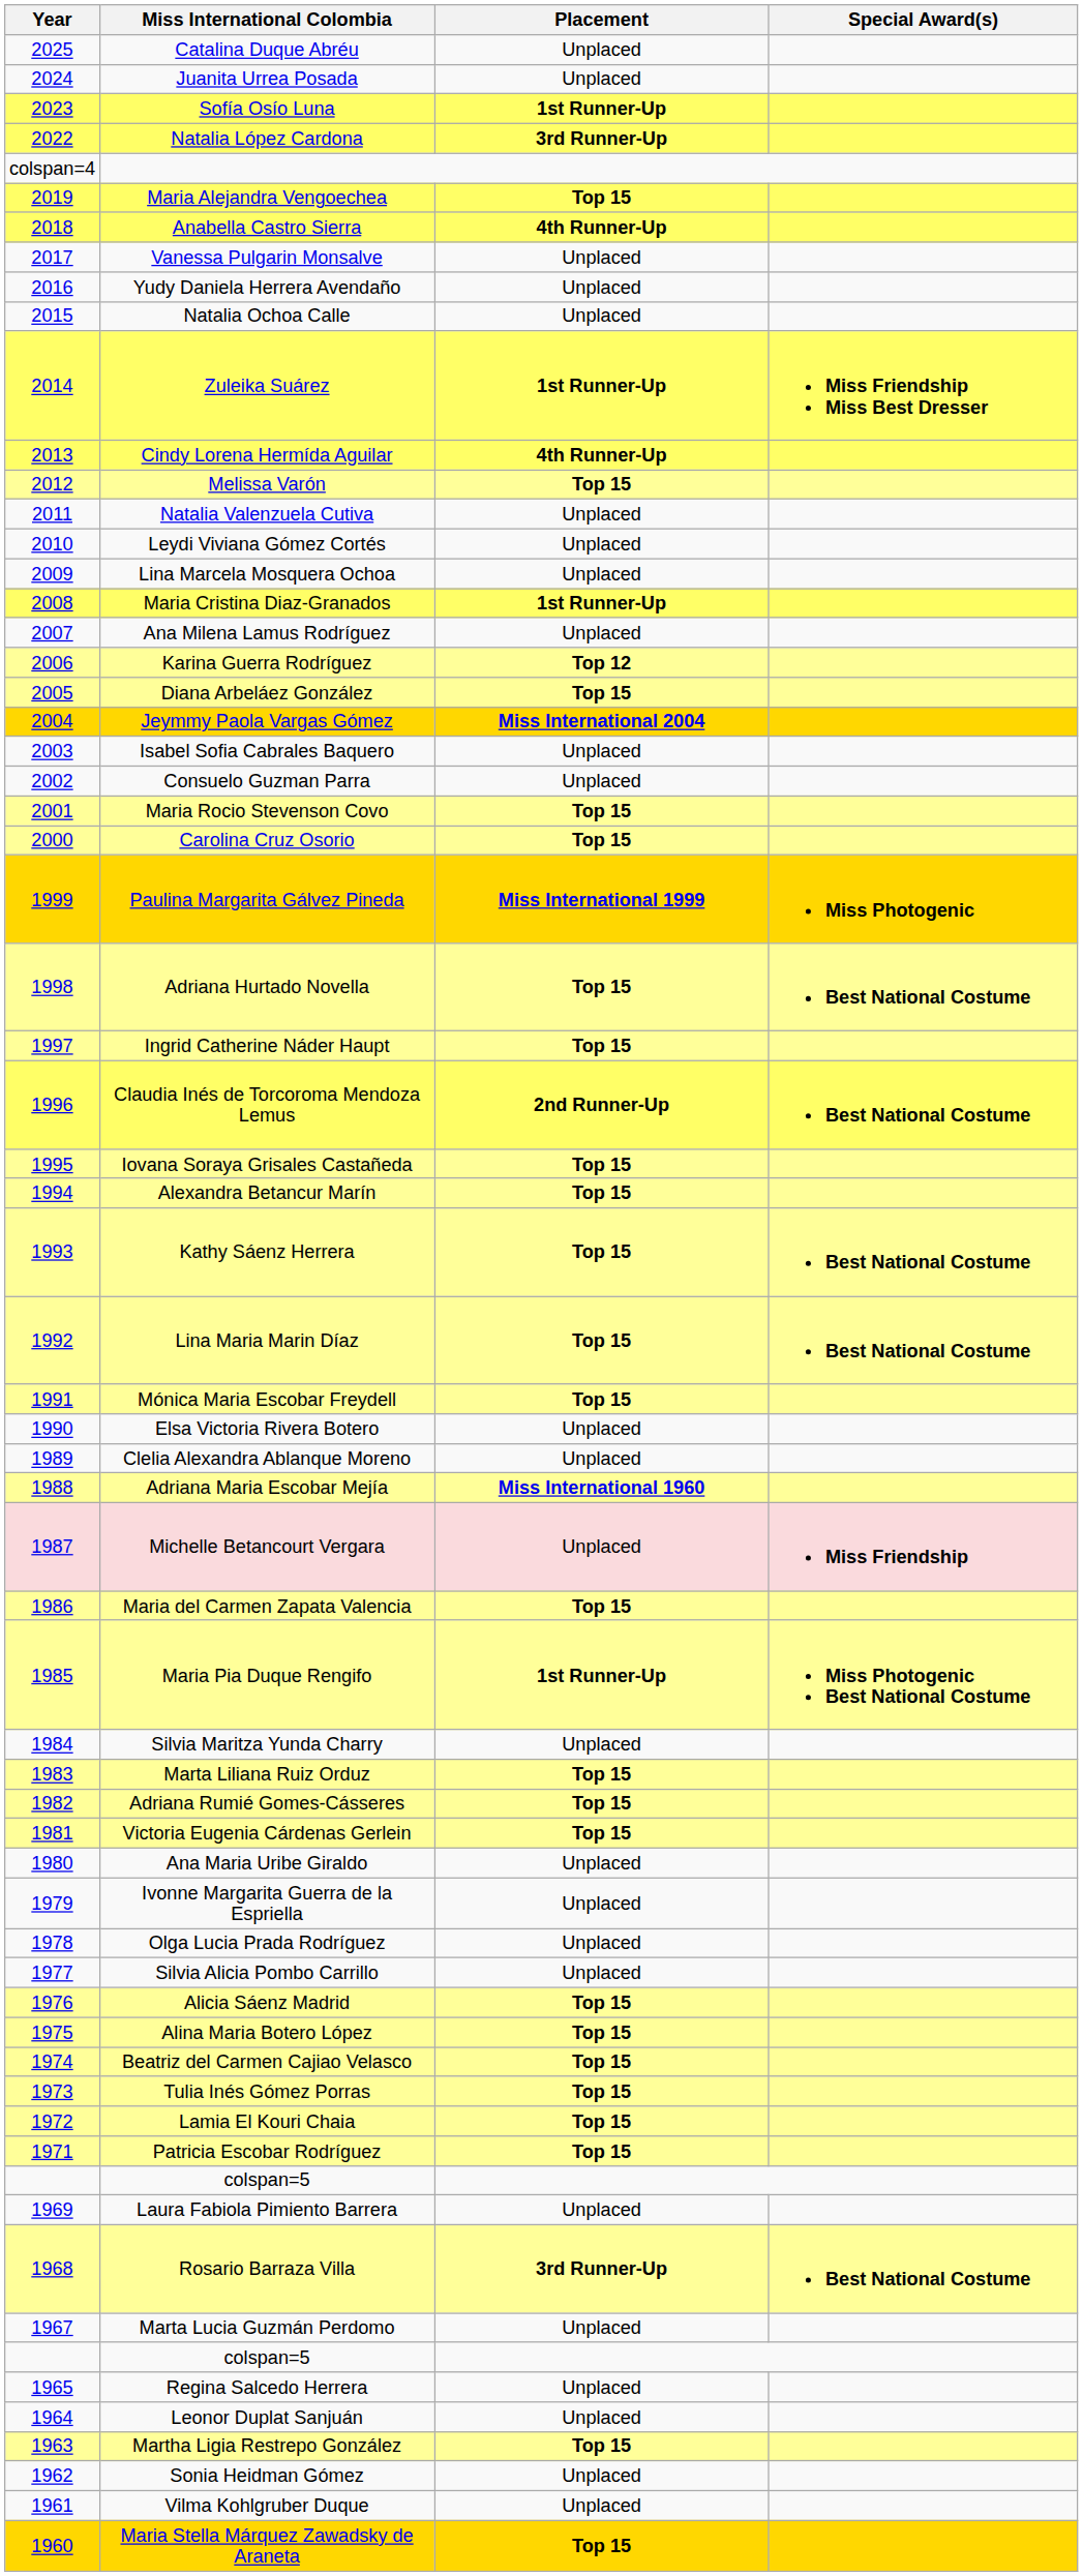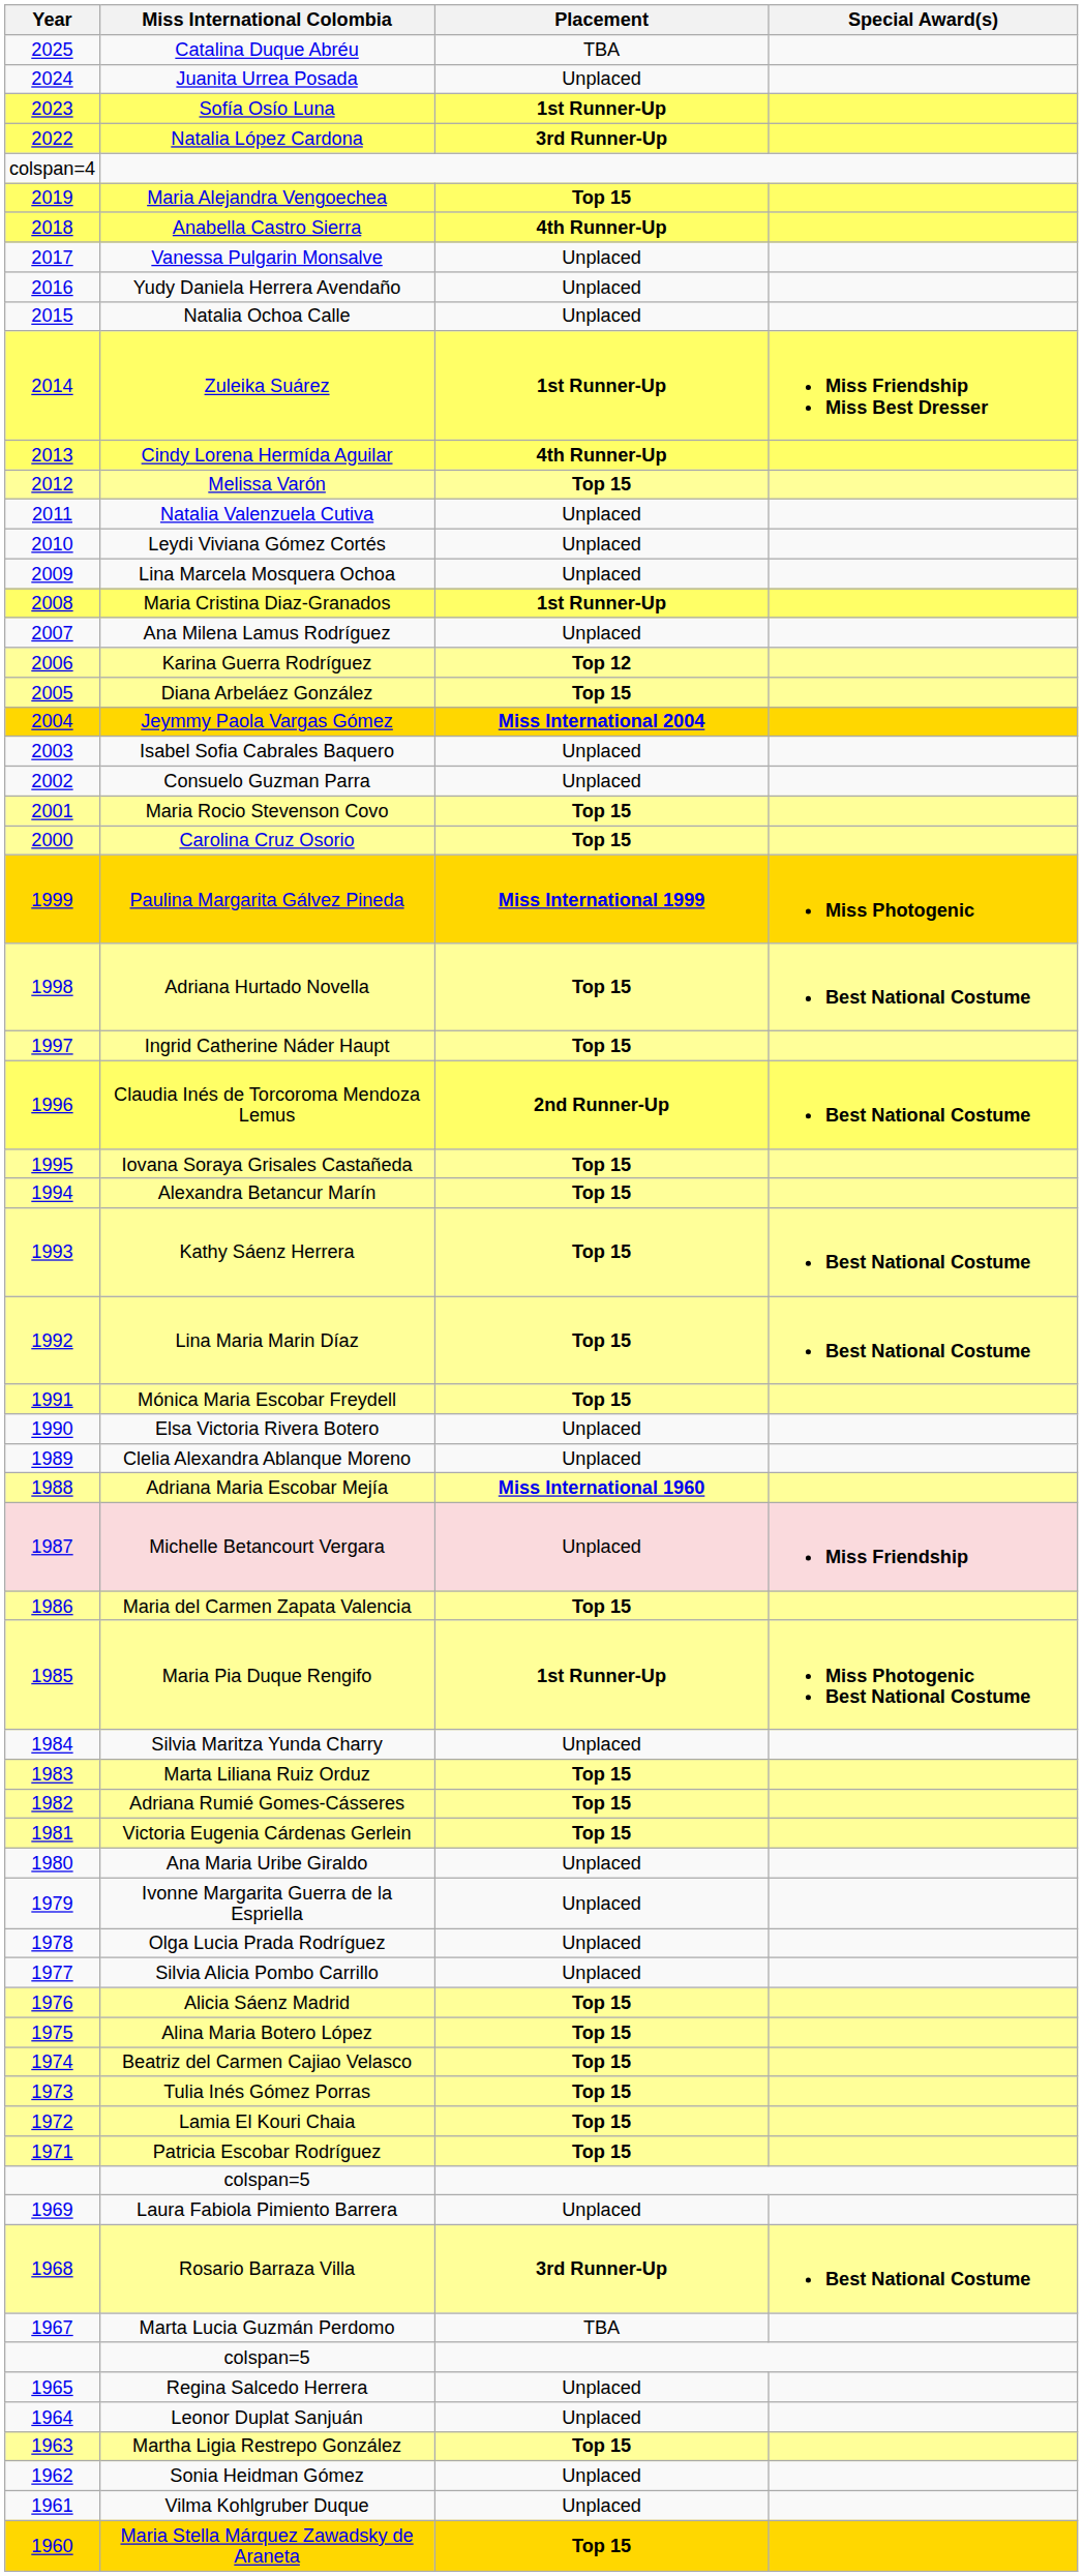 <table class="wikitable" style="font-size: 90%; text-align:center">
 <tr>
 <th width="60">Year</th>
 <th width="250">Miss International Colombia</th>
 <th width="250">Placement</th>
 <th width="230">Special Award(s)</th>
 </tr>
 <tr>
 <td><a href='#'>2025</a></td>
 <td><a href='#'>Catalina Duque Abréu</a></td>
-<td>Unplaced</td>
+<td>TBA</td>
 <td></td>
 </tr>
 <tr>
 <td><a href='#'>2024</a></td>
 <td><a href='#'>Juanita Urrea Posada</a></td>
 <td>Unplaced</td>
 <td></td>
 </tr>
 <tr style="background-color:#FFFF66">
 <td><a href='#'>2023</a></td>
 <td><a href='#'>Sofía Osío Luna</a></td>
 <td><strong>1st Runner-Up</strong></td>
 <td></td>
 </tr>
 <tr style="background-color:#FFFF66">
 <td><a href='#'>2022</a></td>
 <td><a href='#'>Natalia López Cardona</a></td>
 <td><strong>3rd Runner-Up</strong></td>
 <td></td>
 </tr>
 <tr>
 <td>colspan=4 </td>
 </tr>
 <tr style="background-color:#FFFF66">
 <td><a href='#'>2019</a></td>
 <td><a href='#'>Maria Alejandra Vengoechea</a></td>
 <td><strong>Top 15</strong></td>
 <td></td>
 </tr>
 <tr style="background-color:#FFFF66">
 <td><a href='#'>2018</a></td>
 <td><a href='#'>Anabella Castro Sierra</a></td>
 <td><strong>4th Runner-Up</strong></td>
 <td></td>
 </tr>
 <tr>
 <td><a href='#'>2017</a></td>
 <td><a href='#'>Vanessa Pulgarin Monsalve</a></td>
 <td>Unplaced</td>
 <td></td>
 </tr>
 <tr>
 <td><a href='#'>2016</a></td>
 <td>Yudy Daniela Herrera Avendaño</td>
 <td>Unplaced</td>
 <td></td>
 </tr>
 <tr>
 <td><a href='#'>2015</a></td>
 <td>Natalia Ochoa Calle</td>
 <td>Unplaced</td>
 <td></td>
 </tr>
 <tr style="background-color:#FFFF66">
 <td><a href='#'>2014</a></td>
 <td><a href='#'>Zuleika Suárez</a></td>
 <td><strong>1st Runner-Up</strong></td>
 <td align="left"><br><ul><li><strong>Miss Friendship</strong></li><li><strong>Miss Best Dresser</strong></li></ul></td>
 </tr>
 <tr style="background-color:#FFFF66">
 <td><a href='#'>2013</a></td>
 <td><a href='#'>Cindy Lorena Hermída Aguilar</a></td>
 <td><strong>4th Runner-Up</strong></td>
 <td></td>
 </tr>
 <tr style="background-color:#FFFF99">
 <td><a href='#'>2012</a></td>
 <td><a href='#'>Melissa Varón</a></td>
 <td><strong>Top 15</strong></td>
 <td></td>
 </tr>
 <tr>
 <td><a href='#'>2011</a></td>
 <td><a href='#'>Natalia Valenzuela Cutiva</a></td>
 <td>Unplaced</td>
 <td></td>
 </tr>
 <tr>
 <td><a href='#'>2010</a></td>
 <td>Leydi Viviana Gómez Cortés</td>
 <td>Unplaced</td>
 <td></td>
 </tr>
 <tr>
 <td><a href='#'>2009</a></td>
 <td>Lina Marcela Mosquera Ochoa</td>
 <td>Unplaced</td>
 <td></td>
 </tr>
 <tr style="background-color:#FFFF66">
 <td><a href='#'>2008</a></td>
 <td>Maria Cristina Diaz-Granados</td>
 <td><strong>1st Runner-Up</strong></td>
 <td></td>
 </tr>
 <tr>
 <td><a href='#'>2007</a></td>
 <td>Ana Milena Lamus Rodríguez</td>
 <td>Unplaced</td>
 <td></td>
 </tr>
 <tr style="background-color:#FFFF99">
 <td><a href='#'>2006</a></td>
 <td>Karina Guerra Rodríguez</td>
 <td><strong>Top 12</strong></td>
 <td></td>
 </tr>
 <tr style="background-color:#FFFF99">
 <td><a href='#'>2005</a></td>
 <td>Diana Arbeláez González</td>
 <td><strong>Top 15</strong></td>
 <td></td>
 </tr>
 <tr style="background-color:gold">
 <td><a href='#'>2004</a></td>
 <td><a href='#'>Jeymmy Paola Vargas Gómez</a></td>
 <td><strong><a href='#'>Miss International 2004</a></strong></td>
 <td></td>
 </tr>
 <tr>
 <td><a href='#'>2003</a></td>
 <td>Isabel Sofia Cabrales Baquero</td>
 <td>Unplaced</td>
 <td></td>
 </tr>
 <tr>
 <td><a href='#'>2002</a></td>
 <td>Consuelo Guzman Parra</td>
 <td>Unplaced</td>
 <td></td>
 </tr>
 <tr style="background-color:#FFFF99">
 <td><a href='#'>2001</a></td>
 <td>Maria Rocio Stevenson Covo</td>
 <td><strong>Top 15</strong></td>
 <td></td>
 </tr>
 <tr style="background-color:#FFFF99">
 <td><a href='#'>2000</a></td>
 <td><a href='#'>Carolina Cruz Osorio</a></td>
 <td><strong>Top 15</strong></td>
 <td></td>
 </tr>
 <tr style="background-color:gold">
 <td><a href='#'>1999</a></td>
 <td><a href='#'>Paulina Margarita Gálvez Pineda</a></td>
 <td><strong><a href='#'>Miss International 1999</a></strong></td>
 <td align="left"><br><ul><li><strong>Miss Photogenic</strong></li></ul></td>
 </tr>
 <tr style="background-color:#FFFF99">
 <td><a href='#'>1998</a></td>
 <td>Adriana Hurtado Novella</td>
 <td><strong>Top 15</strong></td>
 <td align="left"><br><ul><li><strong>Best National Costume</strong></li></ul></td>
 </tr>
 <tr style="background-color:#FFFF99">
 <td><a href='#'>1997</a></td>
 <td>Ingrid Catherine Náder Haupt</td>
 <td><strong>Top 15</strong></td>
 <td></td>
 </tr>
 <tr style="background-color:#FFFF66">
 <td><a href='#'>1996</a></td>
 <td>Claudia Inés de Torcoroma Mendoza Lemus</td>
 <td><strong>2nd Runner-Up</strong></td>
 <td align="left"><br><ul><li><strong>Best National Costume</strong></li></ul></td>
 </tr>
 <tr style="background-color:#FFFF99">
 <td><a href='#'>1995</a></td>
 <td>Iovana Soraya Grisales Castañeda</td>
 <td><strong>Top 15</strong></td>
 <td></td>
 </tr>
 <tr style="background-color:#FFFF99">
 <td><a href='#'>1994</a></td>
 <td>Alexandra Betancur Marín</td>
 <td><strong>Top 15</strong></td>
 <td></td>
 </tr>
 <tr style="background-color:#FFFF99">
 <td><a href='#'>1993</a></td>
 <td>Kathy Sáenz Herrera</td>
 <td><strong>Top 15</strong></td>
 <td align="left"><br><ul><li><strong>Best National Costume</strong></li></ul></td>
 </tr>
 <tr style="background-color:#FFFF99">
 <td><a href='#'>1992</a></td>
 <td>Lina Maria Marin Díaz</td>
 <td><strong>Top 15</strong></td>
 <td align="left"><br><ul><li><strong>Best National Costume</strong></li></ul></td>
 </tr>
 <tr style="background-color:#FFFF99">
 <td><a href='#'>1991</a></td>
 <td>Mónica Maria Escobar Freydell</td>
 <td><strong>Top 15</strong></td>
 <td></td>
 </tr>
 <tr>
 <td><a href='#'>1990</a></td>
 <td>Elsa Victoria Rivera Botero</td>
 <td>Unplaced</td>
 <td></td>
 </tr>
 <tr>
 <td><a href='#'>1989</a></td>
 <td>Clelia Alexandra Ablanque Moreno</td>
 <td>Unplaced</td>
 <td></td>
 </tr>
 <tr style="background-color:#FFFF99">
 <td><a href='#'>1988</a></td>
 <td>Adriana Maria Escobar Mejía</td>
 <td><strong><a href='#'>Miss International 1960</a></strong></td>
 <td></td>
 </tr>
 <tr style="background-color:#FADADD">
 <td><a href='#'>1987</a></td>
 <td>Michelle Betancourt Vergara</td>
 <td>Unplaced</td>
 <td align="left"><br><ul><li><strong>Miss Friendship</strong></li></ul></td>
 </tr>
 <tr style="background-color:#FFFF99">
 <td><a href='#'>1986</a></td>
 <td>Maria del Carmen Zapata Valencia</td>
 <td><strong>Top 15</strong></td>
 <td></td>
 </tr>
 <tr style="background-color:#FFFF99">
 <td><a href='#'>1985</a></td>
 <td>Maria Pia Duque Rengifo</td>
 <td><strong>1st Runner-Up</strong></td>
 <td align="left"><br><ul><li><strong>Miss Photogenic</strong></li><li><strong>Best National Costume</strong></li></ul></td>
 </tr>
 <tr>
 <td><a href='#'>1984</a></td>
 <td>Silvia Maritza Yunda Charry</td>
 <td>Unplaced</td>
 <td></td>
 </tr>
 <tr style="background-color:#FFFF99">
 <td><a href='#'>1983</a></td>
 <td>Marta Liliana Ruiz Orduz</td>
 <td><strong>Top 15</strong></td>
 <td></td>
 </tr>
 <tr style="background-color:#FFFF99">
 <td><a href='#'>1982</a></td>
 <td>Adriana Rumié Gomes-Cásseres</td>
 <td><strong>Top 15</strong></td>
 <td></td>
 </tr>
 <tr style="background-color:#FFFF99">
 <td><a href='#'>1981</a></td>
 <td>Victoria Eugenia Cárdenas Gerlein</td>
 <td><strong>Top 15</strong></td>
 <td></td>
 </tr>
 <tr>
 <td><a href='#'>1980</a></td>
 <td>Ana Maria Uribe Giraldo</td>
 <td>Unplaced</td>
 <td></td>
 </tr>
 <tr>
 <td><a href='#'>1979</a></td>
 <td>Ivonne Margarita Guerra de la Espriella</td>
 <td>Unplaced</td>
 <td></td>
 </tr>
 <tr>
 <td><a href='#'>1978</a></td>
 <td>Olga Lucia Prada Rodríguez</td>
 <td>Unplaced</td>
 <td></td>
 </tr>
 <tr>
 <td><a href='#'>1977</a></td>
 <td>Silvia Alicia Pombo Carrillo</td>
 <td>Unplaced</td>
 <td></td>
 </tr>
 <tr style="background-color:#FFFF99">
 <td><a href='#'>1976</a></td>
 <td>Alicia Sáenz Madrid</td>
 <td><strong>Top 15</strong></td>
 <td></td>
 </tr>
 <tr style="background-color:#FFFF99">
 <td><a href='#'>1975</a></td>
 <td>Alina Maria Botero López</td>
 <td><strong>Top 15</strong></td>
 <td></td>
 </tr>
 <tr style="background-color:#FFFF99">
 <td><a href='#'>1974</a></td>
 <td>Beatriz del Carmen Cajiao Velasco</td>
 <td><strong>Top 15</strong></td>
 <td></td>
 </tr>
 <tr style="background-color:#FFFF99">
 <td><a href='#'>1973</a></td>
 <td>Tulia Inés Gómez Porras</td>
 <td><strong>Top 15</strong></td>
 <td></td>
 </tr>
 <tr style="background-color:#FFFF99">
 <td><a href='#'>1972</a></td>
 <td>Lamia El Kouri Chaia</td>
 <td><strong>Top 15</strong></td>
 <td></td>
 </tr>
 <tr style="background-color:#FFFF99">
 <td><a href='#'>1971</a></td>
 <td>Patricia Escobar Rodríguez</td>
 <td><strong>Top 15</strong></td>
 <td></td>
 </tr>
 <tr>
 <td></td>
 <td>colspan=5 </td>
 </tr>
 <tr>
 <td><a href='#'>1969</a></td>
 <td>Laura Fabiola Pimiento Barrera</td>
 <td>Unplaced</td>
 <td></td>
 </tr>
 <tr style="background-color:#FFFF99">
 <td><a href='#'>1968</a></td>
 <td>Rosario Barraza Villa</td>
 <td><strong>3rd Runner-Up</strong></td>
 <td align="left"><br><ul><li><strong>Best National Costume</strong></li></ul></td>
 </tr>
 <tr>
 <td><a href='#'>1967</a></td>
 <td>Marta Lucia Guzmán Perdomo</td>
-<td>Unplaced</td>
+<td>TBA</td>
 <td></td>
 </tr>
 <tr>
 <td></td>
 <td>colspan=5 </td>
 </tr>
 <tr>
 <td><a href='#'>1965</a></td>
 <td>Regina Salcedo Herrera</td>
 <td>Unplaced</td>
 <td></td>
 </tr>
 <tr>
 <td><a href='#'>1964</a></td>
 <td>Leonor Duplat Sanjuán</td>
 <td>Unplaced</td>
 <td></td>
 </tr>
 <tr style="background-color:#FFFF99">
 <td><a href='#'>1963</a></td>
 <td>Martha Ligia Restrepo González</td>
 <td><strong>Top 15</strong></td>
 <td></td>
 </tr>
 <tr>
 <td><a href='#'>1962</a></td>
 <td>Sonia Heidman Gómez</td>
 <td>Unplaced</td>
 <td></td>
 </tr>
 <tr>
 <td><a href='#'>1961</a></td>
 <td>Vilma Kohlgruber Duque</td>
 <td>Unplaced</td>
 <td></td>
 </tr>
 <tr style="background-color:gold">
 <td><a href='#'>1960</a></td>
 <td><a href='#'>Maria Stella Márquez Zawadsky de Araneta</a></td>
 <td><strong>Top 15</strong></td>
 <td></td>
 </tr>
 <tr>
 </tr>
 </table>
